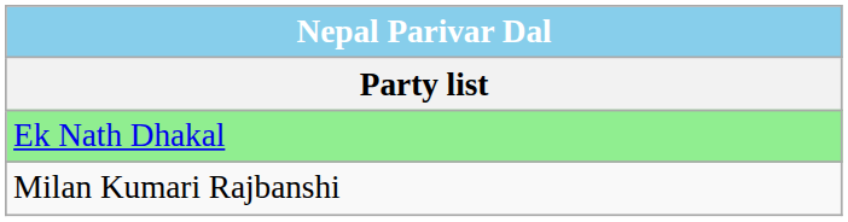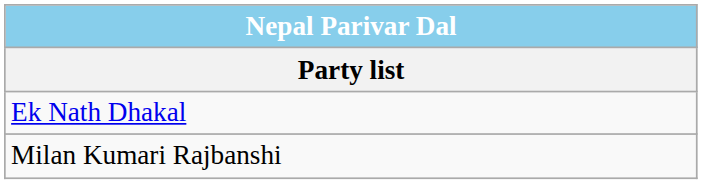 <table class="wikitable mw-collapsible mw-collapsed" role="presentation">
 <tr>
 <th style="width: 300pt; background:#87CEEB; color: white;">Nepal Parivar Dal</th>
 </tr>
 <tr>
 <th>Party list</th>
 </tr>
 <tr>
-<td style="background: lightgreen;"><a href='#'>Ek Nath Dhakal</a></td>
+<td><a href='#'>Ek Nath Dhakal</a></td>
 </tr>
 <tr>
 <td>Milan Kumari Rajbanshi</td>
 </tr>
 </table>
